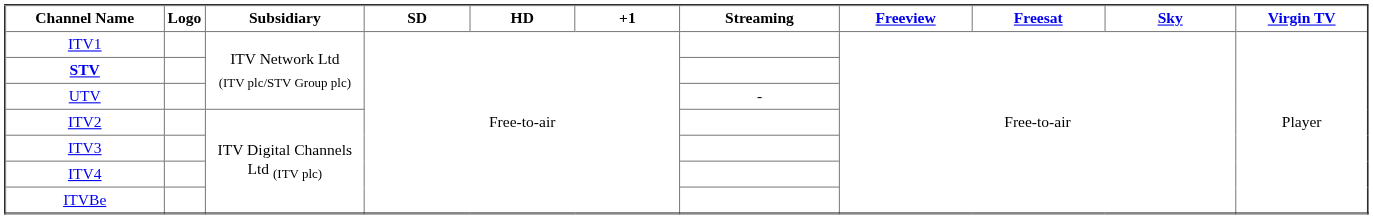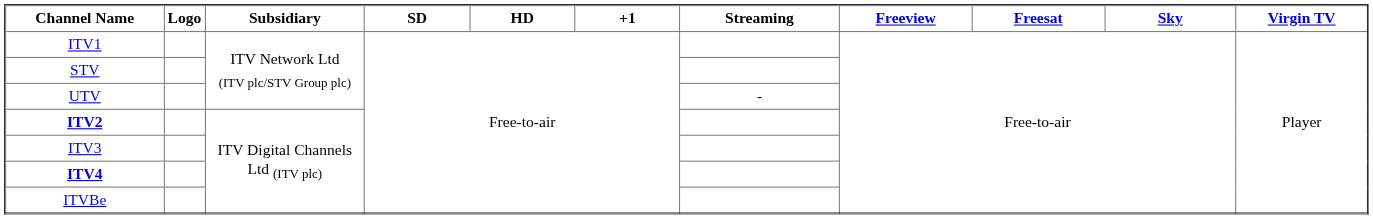 <table class="toccolours" border="2" cellpadding="3" style="border-collapse:collapse; font-size:90%; text-align:center; width:100%;">
 <tr>
 <th style="width:12%;">Channel Name</th>
 <th>Logo</th>
 <th style="width:12%;">Subsidiary</th>
 <th style="width:8%;">SD</th>
 <th style="width:8%;">HD</th>
 <th style="width:8%;">+1</th>
 <th style="width:12%;">Streaming</th>
 <th style="width:10%;"><a href='#'>Freeview</a></th>
 <th style="width:10%;"><a href='#'>Freesat</a></th>
 <th style="width:10%;"><a href='#'>Sky</a></th>
 <th style="width:10%;"><a href='#'>Virgin TV</a></th>
 </tr>
 <tr>
 <td><a href='#'>ITV1</a> </td>
 <td></td>
 <td rowspan="3">ITV Network Ltd<br><sub>(ITV plc/STV Group plc)</sub></td>
 <td rowspan="7" colspan="3">Free-to-air</td>
 <td></td>
 <td colspan="3" rowspan="7">Free-to-air</td>
 <td rowspan="7">Player</td>
 </tr>
 <tr>
-<td><strong><a href='#'>STV</a> </strong></td>
+<td><a href='#'>STV</a> </td>
 <td></td>
 <td></td>
 </tr>
 <tr>
 <td><a href='#'>UTV</a> </td>
 <td></td>
 <td>-</td>
 </tr>
 <tr>
-<td><a href='#'>ITV2</a></td>
+<td><strong><a href='#'>ITV2</a></strong></td>
 <td></td>
 <td rowspan="4">ITV Digital Channels Ltd <sub>(ITV plc)</sub></td>
 <td></td>
 </tr>
 <tr>
 <td><a href='#'>ITV3</a></td>
 <td></td>
 <td></td>
 </tr>
 <tr>
-<td><a href='#'>ITV4</a></td>
+<td><strong><a href='#'>ITV4</a></strong></td>
 <td></td>
 <td></td>
 </tr>
 <tr>
 <td><a href='#'>ITVBe</a></td>
 <td></td>
 <td></td>
 </tr>
 </table>
